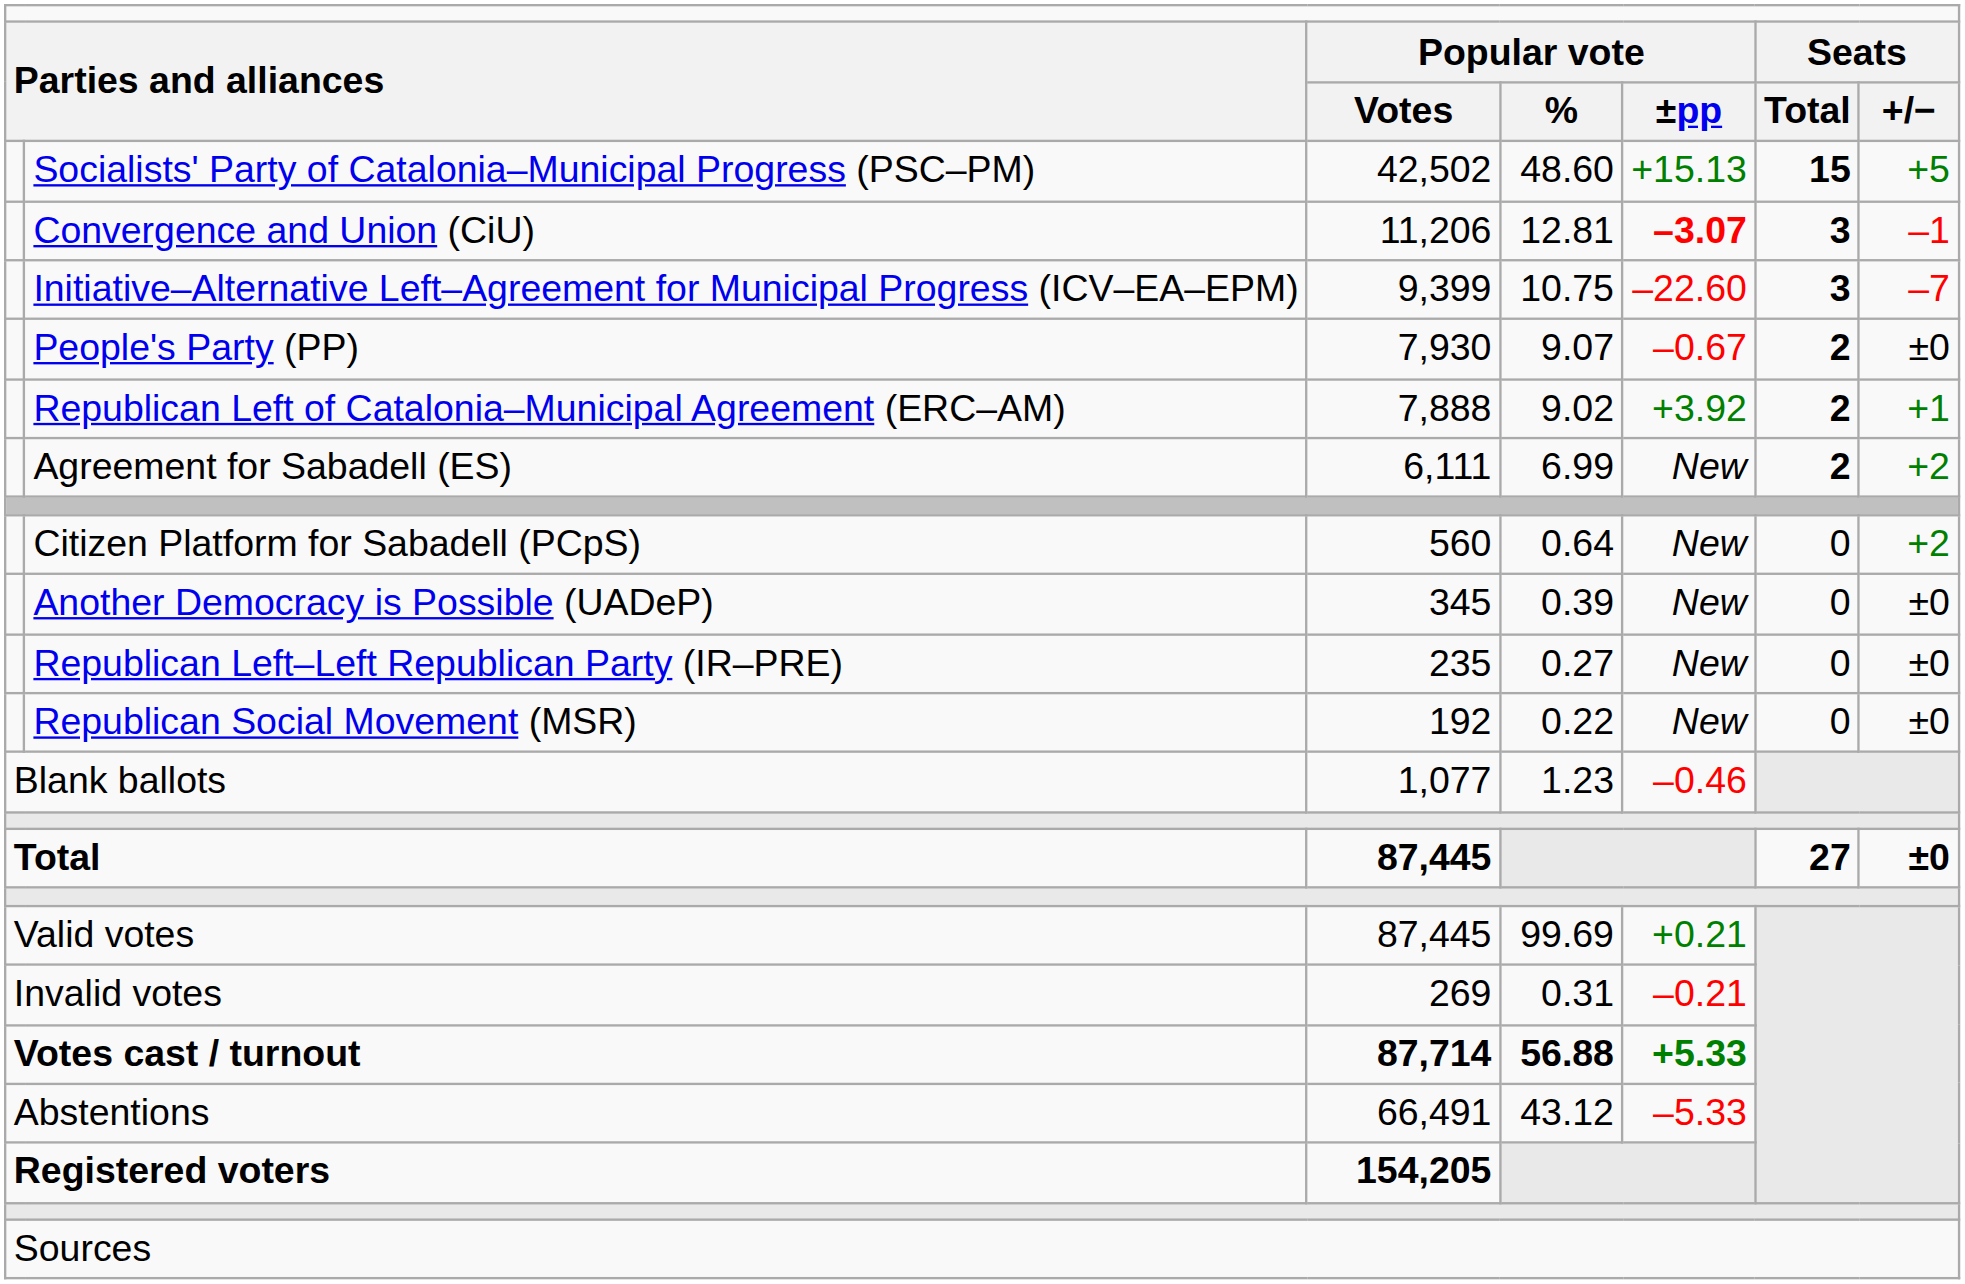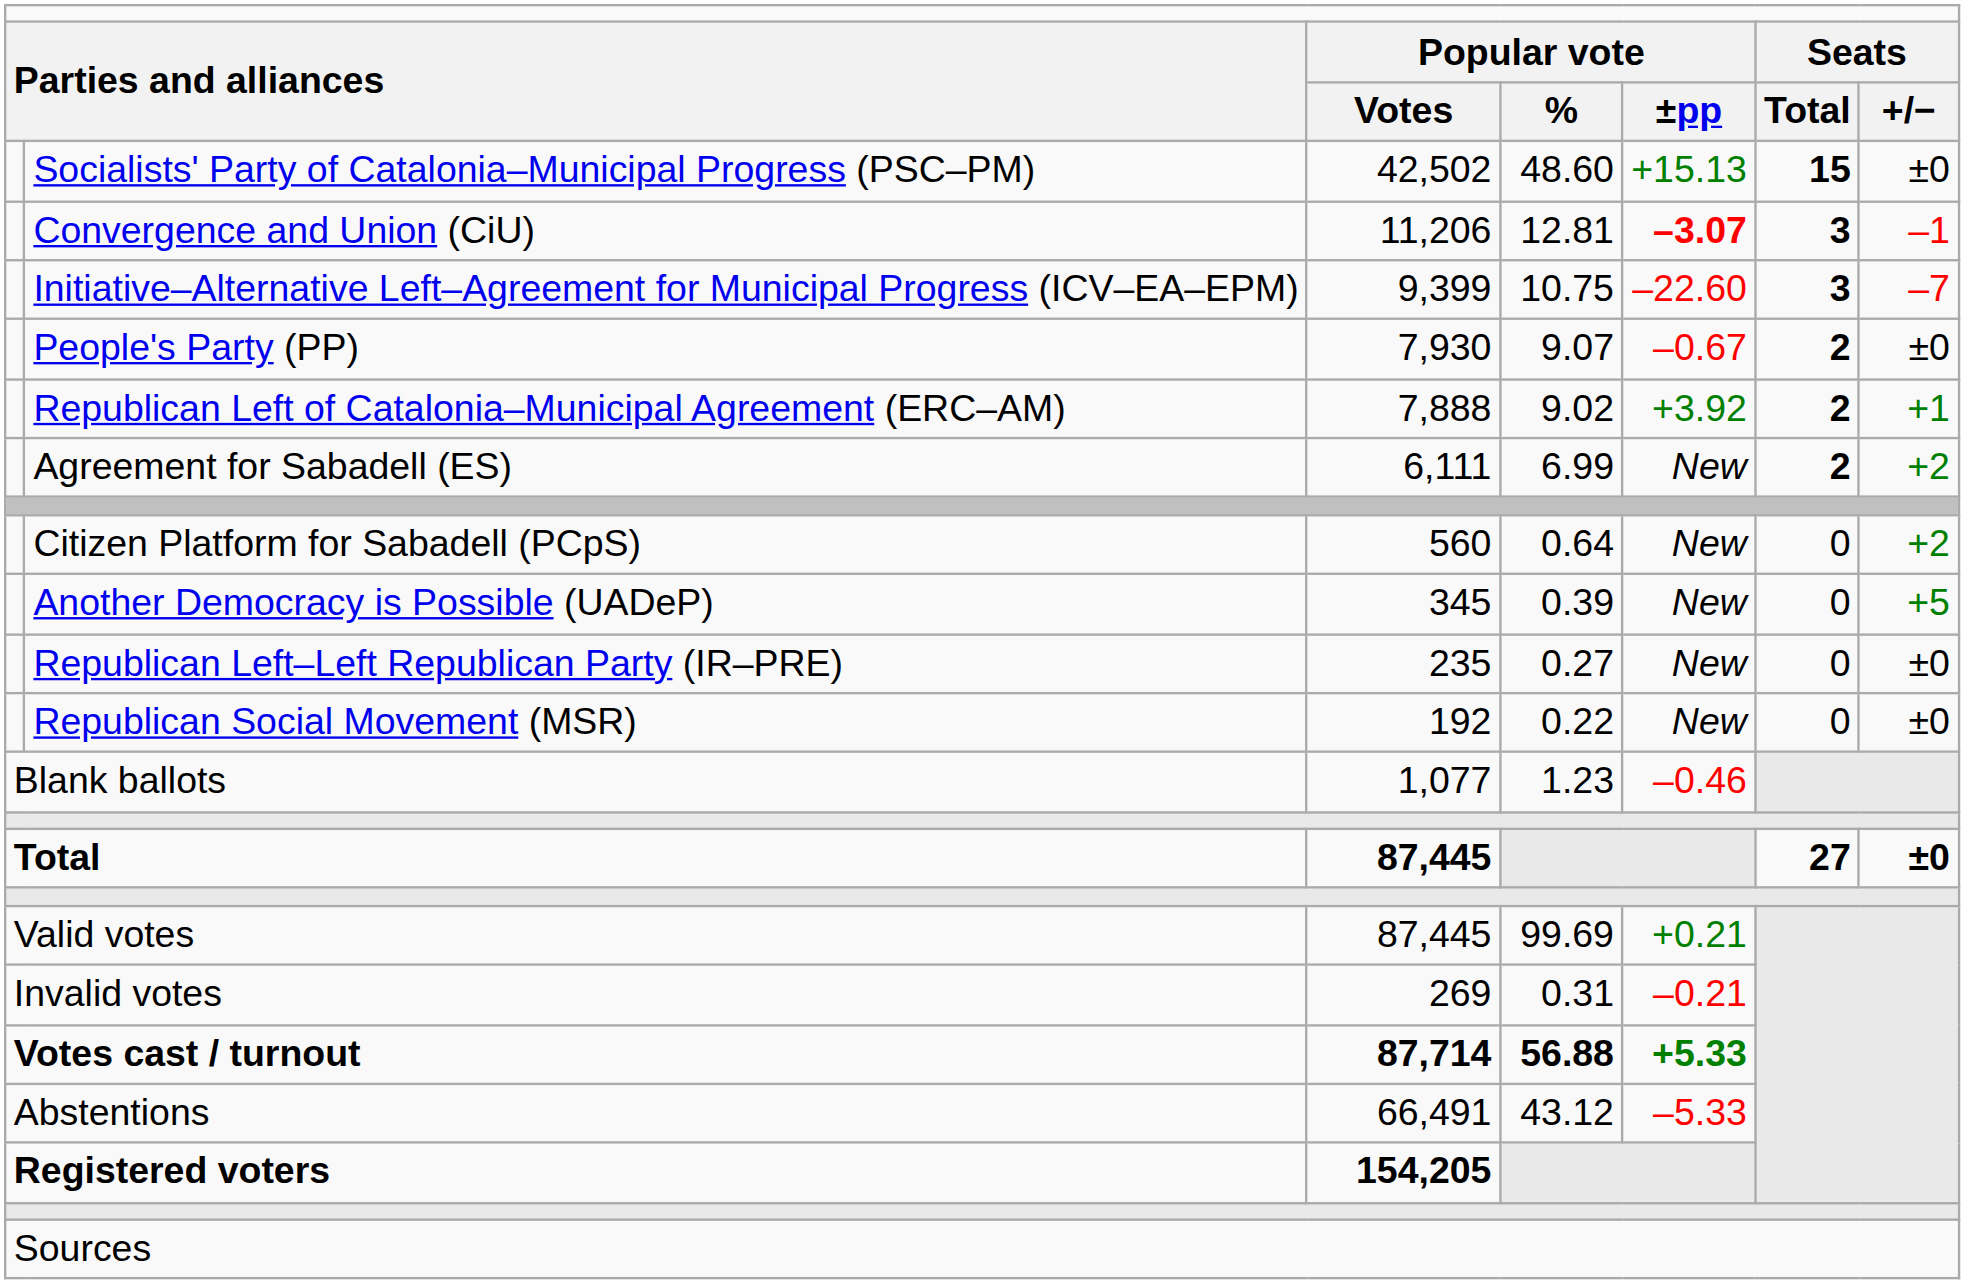 <table class="wikitable" style="text-align:right;">
 <tr>
 <td colspan="7"></td>
 </tr>
 <tr>
 <th style="text-align:left;" rowspan="2" colspan="2" width="525">Parties and alliances</th>
 <th colspan="3">Popular vote</th>
 <th colspan="2">Seats</th>
 </tr>
 <tr>
 <th width="75">Votes</th>
 <th width="45">%</th>
 <th width="45">±<a href='#'>pp</a></th>
 <th width="35">Total</th>
 <th width="35">+/−</th>
 </tr>
 <tr>
 <td width="1" style="color:inherit;background:"></td>
 <td align="left"><a href='#'>Socialists' Party of Catalonia–Municipal Progress</a> (PSC–PM)</td>
 <td>42,502</td>
 <td>48.60</td>
 <td style="color:green;">+15.13</td>
 <td><strong>15</strong></td>
-<td style="color:green;">+5</td>
+<td>±0</td>
 </tr>
 <tr>
 <td style="color:inherit;background:"></td>
 <td align="left"><a href='#'>Convergence and Union</a> (CiU)</td>
 <td>11,206</td>
 <td>12.81</td>
 <td style="color:red;"><strong>–3.07</strong></td>
 <td><strong>3</strong></td>
 <td style="color:red;">–1</td>
 </tr>
 <tr>
 <td style="color:inherit;background:"></td>
 <td align="left"><a href='#'>Initiative–Alternative Left–Agreement for Municipal Progress</a> (ICV–EA–EPM)</td>
 <td>9,399</td>
 <td>10.75</td>
 <td style="color:red;">–22.60</td>
 <td><strong>3</strong></td>
 <td style="color:red;">–7</td>
 </tr>
 <tr>
 <td style="color:inherit;background:"></td>
 <td align="left"><a href='#'>People's Party</a> (PP)</td>
 <td>7,930</td>
 <td>9.07</td>
 <td style="color:red;">–0.67</td>
 <td><strong>2</strong></td>
 <td>±0</td>
 </tr>
 <tr>
 <td style="color:inherit;background:"></td>
 <td align="left"><a href='#'>Republican Left of Catalonia–Municipal Agreement</a> (ERC–AM)</td>
 <td>7,888</td>
 <td>9.02</td>
 <td style="color:green;">+3.92</td>
 <td><strong>2</strong></td>
 <td style="color:green;">+1</td>
 </tr>
 <tr>
 <td style="color:inherit;background:"></td>
 <td align="left">Agreement for Sabadell (ES)</td>
 <td>6,111</td>
 <td>6.99</td>
 <td><em>New</em></td>
 <td><strong>2</strong></td>
 <td style="color:green;">+2</td>
 </tr>
 <tr>
 <td colspan="7" style="color:inherit;background:#C0C0C0"></td>
 </tr>
 <tr>
 <td style="color:inherit;background:"></td>
 <td align="left">Citizen Platform for Sabadell (PCpS)</td>
 <td>560</td>
 <td>0.64</td>
 <td><em>New</em></td>
 <td>0</td>
 <td style="color:green;">+2</td>
 </tr>
 <tr>
 <td style="color:inherit;background:"></td>
 <td align="left"><a href='#'>Another Democracy is Possible</a> (UADeP)</td>
 <td>345</td>
 <td>0.39</td>
 <td><em>New</em></td>
 <td>0</td>
-<td>±0</td>
+<td style="color:green;">+5</td>
 </tr>
 <tr>
 <td style="color:inherit;background:"></td>
 <td align="left"><a href='#'>Republican Left–Left Republican Party</a> (IR–PRE)</td>
 <td>235</td>
 <td>0.27</td>
 <td><em>New</em></td>
 <td>0</td>
 <td>±0</td>
 </tr>
 <tr>
 <td style="color:inherit;background:"></td>
 <td align="left"><a href='#'>Republican Social Movement</a> (MSR)</td>
 <td>192</td>
 <td>0.22</td>
 <td><em>New</em></td>
 <td>0</td>
 <td>±0</td>
 </tr>
 <tr>
 <td align="left" colspan="2">Blank ballots</td>
 <td>1,077</td>
 <td>1.23</td>
 <td style="color:red;">–0.46</td>
 <td style="color:inherit;background:#E9E9E9" colspan="2"></td>
 </tr>
 <tr>
 <td colspan="7" style="color:inherit;background:#E9E9E9"></td>
 </tr>
 <tr style="font-weight:bold;">
 <td align="left" colspan="2">Total</td>
 <td>87,445</td>
 <td bgcolor="#E9E9E9" colspan="2"></td>
 <td>27</td>
 <td>±0</td>
 </tr>
 <tr>
 <td colspan="7" style="color:inherit;background:#E9E9E9"></td>
 </tr>
 <tr>
 <td align="left" colspan="2">Valid votes</td>
 <td>87,445</td>
 <td>99.69</td>
 <td style="color:green;">+0.21</td>
 <td bgcolor="#E9E9E9" colspan="2" rowspan="5"></td>
 </tr>
 <tr>
 <td align="left" colspan="2">Invalid votes</td>
 <td>269</td>
 <td>0.31</td>
 <td style="color:red;">–0.21</td>
 </tr>
 <tr style="font-weight:bold;">
 <td align="left" colspan="2">Votes cast / turnout</td>
 <td>87,714</td>
 <td>56.88</td>
 <td style="color:green;">+5.33</td>
 </tr>
 <tr>
 <td align="left" colspan="2">Abstentions</td>
 <td>66,491</td>
 <td>43.12</td>
 <td style="color:red;">–5.33</td>
 </tr>
 <tr style="font-weight:bold;">
 <td align="left" colspan="2">Registered voters</td>
 <td>154,205</td>
 <td bgcolor="#E9E9E9" colspan="2"></td>
 </tr>
 <tr>
 <td colspan="7" style="color:inherit;background:#E9E9E9"></td>
 </tr>
 <tr>
 <td align="left" colspan="7">Sources</td>
 </tr>
 </table>
